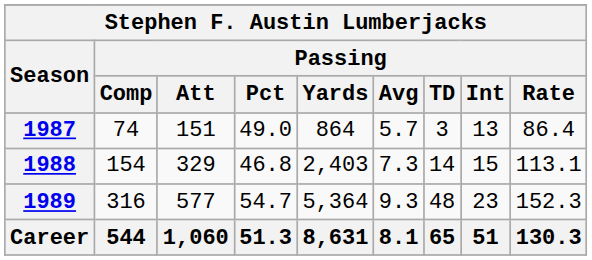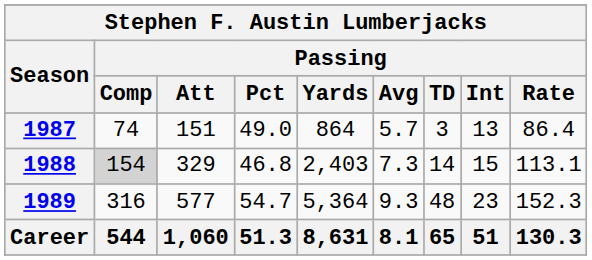 <table class="wikitable" style="text-align:center;">
 <tr College statistics>
 </tr>
 <tr>
 <th colspan="16">Stephen F. Austin Lumberjacks</th>
 </tr>
 <tr>
 <th rowspan="2">Season</th>
 <th colspan="8">Passing</th>
 </tr>
 <tr>
 <th>Comp</th>
 <th>Att</th>
 <th>Pct</th>
 <th>Yards</th>
 <th>Avg</th>
 <th>TD</th>
 <th>Int</th>
 <th>Rate</th>
 </tr>
 <tr>
 <th><a href='#'>1987</a></th>
 <td>74</td>
 <td>151</td>
 <td>49.0</td>
 <td>864</td>
 <td>5.7</td>
 <td>3</td>
 <td>13</td>
 <td>86.4</td>
 </tr>
 <tr>
 <th><a href='#'>1988</a></th>
-<td>154</td>
+<td style="background: lightgrey;">154</td>
 <td>329</td>
 <td>46.8</td>
 <td>2,403</td>
 <td>7.3</td>
 <td>14</td>
 <td>15</td>
 <td>113.1</td>
 </tr>
 <tr>
 <th><a href='#'>1989</a></th>
 <td>316</td>
 <td>577</td>
 <td>54.7</td>
 <td>5,364</td>
 <td>9.3</td>
 <td>48</td>
 <td>23</td>
 <td>152.3</td>
 </tr>
 <tr>
 <th>Career</th>
 <th>544</th>
 <th>1,060</th>
 <th>51.3</th>
 <th>8,631</th>
 <th>8.1</th>
 <th>65</th>
 <th>51</th>
 <th>130.3</th>
 </tr>
 </table>
